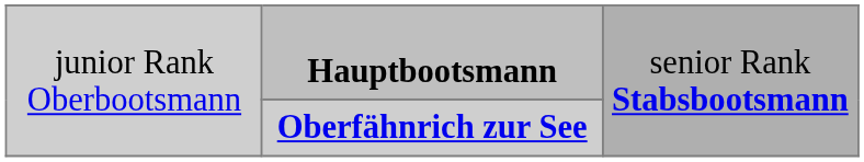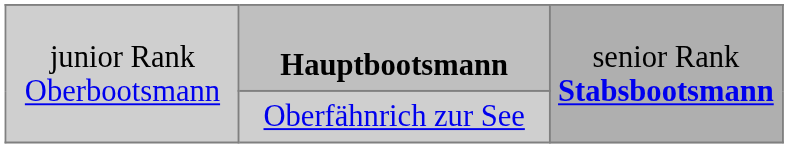 <table class="toccolours" border="1" cellpadding="4" cellspacing="0" style="border-collapse: collapse; margin: 0.5em auto; clear: both;">
 <tr>
 <td width="30%" align="center" rowspan="2"  style="background:#cfcfcf;">junior Rank<br><a href='#'>Oberbootsmann</a></td>
 <td width="40%" align="center" rowspan="1" style="background:#bfbfbf;"><br><span><strong>Hauptbootsmann</strong></span></td>
 <td width="30%" align="center" rowspan="2" style="background:#afafaf;">senior Rank<br><strong><a href='#'>Stabsbootsmann</a></strong></td>
 </tr>
 <tr>
-<td width="30%" align="center" style="background:#cfcfcf;"><strong><a href='#'>Oberfähnrich zur See</a></strong></td>
+<td width="30%" align="center" style="background:#cfcfcf;"><a href='#'>Oberfähnrich zur See</a></td>
 </tr>
 </table>
